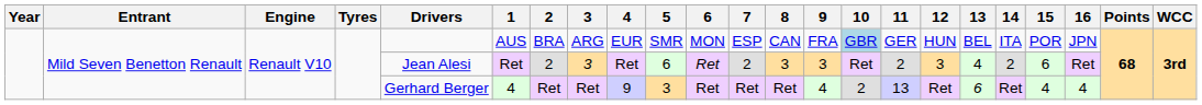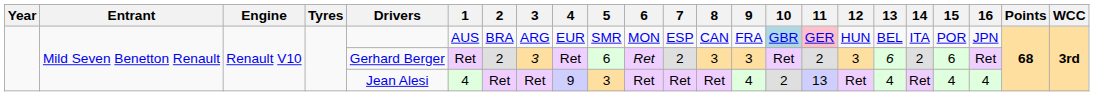 <table class="wikitable" style="text-align:center; font-size:95%">
 <tr>
 <th>Year</th>
 <th>Entrant</th>
 <th>Engine</th>
 <th>Tyres</th>
 <th>Drivers</th>
 <th>1</th>
 <th>2</th>
 <th>3</th>
 <th>4</th>
 <th>5</th>
 <th>6</th>
 <th>7</th>
 <th>8</th>
 <th>9</th>
 <th>10</th>
 <th>11</th>
 <th>12</th>
 <th>13</th>
 <th>14</th>
 <th>15</th>
 <th>16</th>
 <th>Points</th>
 <th>WCC</th>
 </tr>
 <tr>
 <td rowspan="3"></td>
 <td rowspan="3"><a href='#'>Mild Seven</a> <a href='#'>Benetton</a> <a href='#'>Renault</a></td>
 <td rowspan="3"><a href='#'>Renault</a> <a href='#'>V10</a></td>
 <td rowspan="3"></td>
 <td></td>
 <td><a href='#'>AUS</a></td>
 <td><a href='#'>BRA</a></td>
 <td><a href='#'>ARG</a></td>
 <td><a href='#'>EUR</a></td>
 <td><a href='#'>SMR</a></td>
 <td><a href='#'>MON</a></td>
 <td><a href='#'>ESP</a></td>
 <td><a href='#'>CAN</a></td>
 <td><a href='#'>FRA</a></td>
 <td style="background: lightblue;"><a href='#'>GBR</a></td>
-<td><a href='#'>GER</a></td>
+<td style="background: pink;"><a href='#'>GER</a></td>
 <td><a href='#'>HUN</a></td>
 <td><a href='#'>BEL</a></td>
 <td><a href='#'>ITA</a></td>
 <td><a href='#'>POR</a></td>
 <td><a href='#'>JPN</a></td>
 <td rowspan="3" style="background:#ffdf9f;"><strong>68</strong></td>
 <td rowspan="3" style="background:#ffdf9f;"><strong>3rd</strong></td>
 </tr>
 <tr>
-<td><a href='#'>Jean Alesi</a></td>
+<td><a href='#'>Gerhard Berger</a></td>
 <td style="background:#efcfff;">Ret</td>
 <td style="background:#dfdfdf;">2</td>
 <td style="background:#ffdf9f;"><em>3</em></td>
 <td style="background:#efcfff;">Ret</td>
 <td style="background:#dfffdf;">6</td>
 <td style="background:#efcfff;"><em>Ret</em></td>
 <td style="background:#dfdfdf;">2</td>
 <td style="background:#ffdf9f;">3</td>
 <td style="background:#ffdf9f;">3</td>
 <td style="background:#efcfff;">Ret</td>
 <td style="background:#dfdfdf;">2</td>
 <td style="background:#ffdf9f;">3</td>
-<td style="background:#dfffdf;">4</td>
+<td style="background:#dfffdf;"><em>6</em></td>
 <td style="background:#dfdfdf;">2</td>
 <td style="background:#dfffdf;">6</td>
 <td style="background:#efcfff;">Ret</td>
 </tr>
 <tr>
-<td><a href='#'>Gerhard Berger</a></td>
+<td><a href='#'>Jean Alesi</a></td>
 <td style="background:#dfffdf;">4</td>
 <td style="background:#efcfff;">Ret</td>
 <td style="background:#efcfff;">Ret</td>
 <td style="background:#cfcfff;">9</td>
 <td style="background:#ffdf9f;">3</td>
 <td style="background:#efcfff;">Ret</td>
 <td style="background:#efcfff;">Ret</td>
 <td style="background:#efcfff;">Ret</td>
 <td style="background:#dfffdf;">4</td>
 <td style="background:#dfdfdf;">2</td>
 <td style="background:#cfcfff;">13</td>
 <td style="background:#efcfff;">Ret</td>
-<td style="background:#dfffdf;"><em>6</em></td>
+<td style="background:#dfffdf;">4</td>
 <td style="background:#efcfff;">Ret</td>
 <td style="background:#dfffdf;">4</td>
 <td style="background:#dfffdf;">4</td>
 </tr>
 </table>
